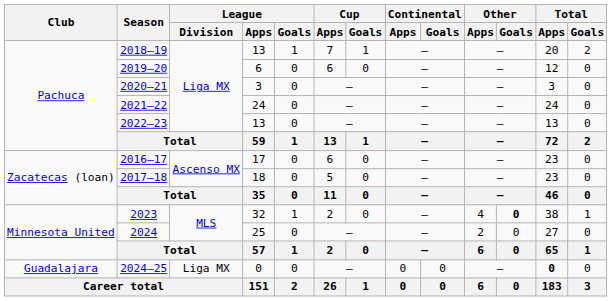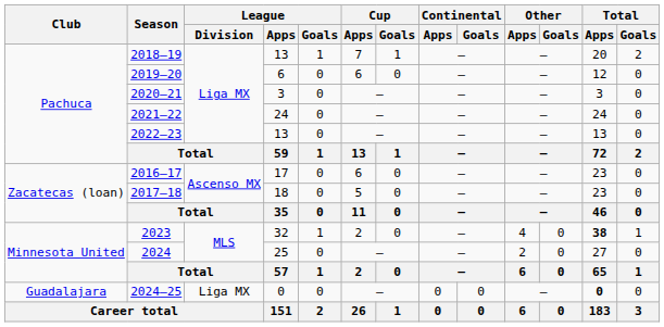 <table class="wikitable" style="text-align: center">
 <tr>
 <th rowspan="2">Club</th>
 <th rowspan="2">Season</th>
 <th colspan="3">League</th>
 <th colspan="2">Cup</th>
 <th colspan="2">Continental</th>
 <th colspan="2">Other</th>
 <th colspan="2">Total</th>
 </tr>
 <tr>
 <th>Division</th>
 <th>Apps</th>
 <th>Goals</th>
 <th>Apps</th>
 <th>Goals</th>
 <th>Apps</th>
 <th>Goals</th>
 <th>Apps</th>
 <th>Goals</th>
 <th>Apps</th>
 <th>Goals</th>
 </tr>
 <tr>
 <td rowspan="6"><a href='#'>Pachuca</a></td>
 <td><a href='#'>2018–19</a></td>
 <td rowspan="5"><a href='#'>Liga MX</a></td>
 <td>13</td>
 <td>1</td>
 <td>7</td>
 <td>1</td>
 <td colspan="2">–</td>
 <td colspan=2>–</td>
 <td>20</td>
 <td>2</td>
 </tr>
 <tr>
 <td><a href='#'>2019–20</a></td>
 <td>6</td>
 <td>0</td>
 <td>6</td>
 <td>0</td>
 <td colspan=2>–</td>
 <td colspan=2>–</td>
 <td>12</td>
 <td>0</td>
 </tr>
 <tr>
 <td><a href='#'>2020–21</a></td>
 <td>3</td>
 <td>0</td>
 <td colspan=2>–</td>
 <td colspan=2>–</td>
 <td colspan=2>–</td>
 <td>3</td>
 <td>0</td>
 </tr>
 <tr>
 <td><a href='#'>2021–22</a></td>
 <td>24</td>
 <td>0</td>
 <td colspan=2>–</td>
 <td colspan=2>–</td>
 <td colspan=2>–</td>
 <td>24</td>
 <td>0</td>
 </tr>
 <tr>
 <td><a href='#'>2022–23</a></td>
 <td>13</td>
 <td>0</td>
 <td colspan="2">—</td>
 <td colspan="2">—</td>
 <td colspan="2">—</td>
 <td>13</td>
 <td>0</td>
 </tr>
 <tr>
 <th colspan="2">Total</th>
 <th>59</th>
 <th>1</th>
 <th>13</th>
 <th>1</th>
 <th colspan="2">—</th>
 <th colspan="2">—</th>
 <th>72</th>
 <th>2</th>
 </tr>
 <tr>
 <td rowspan="3"><a href='#'>Zacatecas</a> (loan)</td>
 <td><a href='#'>2016–17</a></td>
 <td rowspan="2"><a href='#'>Ascenso MX</a></td>
 <td>17</td>
 <td>0</td>
 <td>6</td>
 <td>0</td>
 <td colspan="2">—</td>
 <td colspan="2">—</td>
 <td>23</td>
 <td>0</td>
 </tr>
 <tr>
 <td><a href='#'>2017–18</a></td>
 <td>18</td>
 <td>0</td>
 <td>5</td>
 <td>0</td>
 <td colspan="2">—</td>
 <td colspan="2">—</td>
 <td>23</td>
 <td>0</td>
 </tr>
 <tr>
 <th colspan="2">Total</th>
 <th>35</th>
 <th>0</th>
 <th>11</th>
 <th>0</th>
 <th colspan="2">—</th>
 <th colspan="2">—</th>
 <th>46</th>
 <th>0</th>
 </tr>
 <tr>
 <td rowspan="3"><a href='#'>Minnesota United</a></td>
 <td><a href='#'>2023</a></td>
 <td rowspan="2"><a href='#'>MLS</a></td>
 <td>32</td>
 <td>1</td>
 <td>2</td>
 <td>0</td>
 <td colspan="2">—</td>
 <td>4</td>
-<td><strong>0</strong></td>
-<td>38</td>
+<td>0</td>
+<td><strong>38</strong></td>
 <td>1</td>
 </tr>
 <tr>
 <td><a href='#'>2024</a></td>
 <td>25</td>
 <td>0</td>
 <td colspan="2">—</td>
 <td colspan="2">—</td>
 <td>2</td>
 <td>0</td>
 <td>27</td>
 <td>0</td>
 </tr>
 <tr>
 <th colspan="2">Total</th>
 <th>57</th>
 <th>1</th>
 <th>2</th>
 <th>0</th>
 <th colspan="2">—</th>
 <th>6</th>
 <th>0</th>
 <th>65</th>
 <th>1</th>
 </tr>
 <tr>
 <td rowspan="1"><a href='#'>Guadalajara</a></td>
 <td><a href='#'>2024–25</a></td>
 <td rowspan="1">Liga MX</td>
 <td>0</td>
 <td>0</td>
 <td colspan="2">–</td>
 <td>0</td>
 <td>0</td>
 <td colspan=2>–</td>
 <td><strong>0</strong></td>
 <td>0</td>
 </tr>
 <tr>
 <th colspan="3">Career total</th>
 <th>151</th>
 <th>2</th>
 <th>26</th>
 <th>1</th>
 <th>0</th>
 <th>0</th>
 <th>6</th>
 <th>0</th>
 <th>183</th>
 <th>3</th>
 </tr>
 </table>
